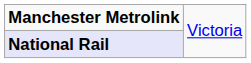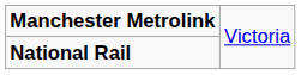 <table class="wikitable">
 <tr>
 <td><strong>Manchester Metrolink</strong> </td>
 <td rowspan=2><a href='#'>Victoria</a></td>
 </tr>
 <tr>
-<td style="background: lavender;"><strong>National Rail</strong> </td>
+<td><strong>National Rail</strong> </td>
 </tr>
 </table>
